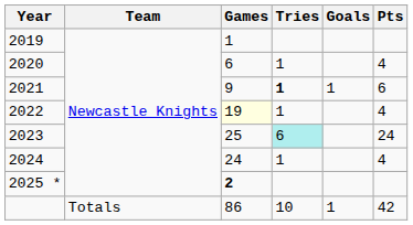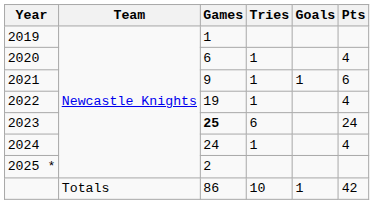 <table class="wikitable">
 <tr>
 <th>Year</th>
 <th>Team</th>
 <th>Games</th>
 <th>Tries</th>
 <th>Goals</th>
 <th>Pts</th>
 </tr>
 <tr>
 <td>2019</td>
 <td rowspan="7">  <a href='#'>Newcastle Knights</a></td>
 <td>1</td>
 <td></td>
 <td></td>
 <td></td>
 </tr>
 <tr>
 <td>2020</td>
 <td>6</td>
 <td>1</td>
 <td></td>
 <td>4</td>
 </tr>
 <tr>
 <td>2021</td>
 <td>9</td>
-<td><strong>1</strong></td>
+<td>1</td>
 <td>1</td>
 <td>6</td>
 </tr>
 <tr>
 <td>2022</td>
-<td style="background: lightyellow;">19</td>
+<td>19</td>
 <td>1</td>
 <td></td>
 <td>4</td>
 </tr>
 <tr>
 <td>2023</td>
-<td>25</td>
-<td style="background: paleturquoise;">6</td>
+<td><strong>25</strong></td>
+<td>6</td>
 <td></td>
 <td>24</td>
 </tr>
 <tr>
 <td>2024</td>
 <td>24</td>
 <td>1</td>
 <td></td>
 <td>4</td>
 </tr>
 <tr>
 <td>2025 *</td>
-<td><strong>2</strong></td>
+<td>2</td>
 <td></td>
 <td></td>
 <td></td>
 </tr>
 <tr>
 <td></td>
 <td>Totals</td>
 <td>86</td>
 <td>10</td>
 <td>1</td>
 <td>42</td>
 </tr>
 </table>
